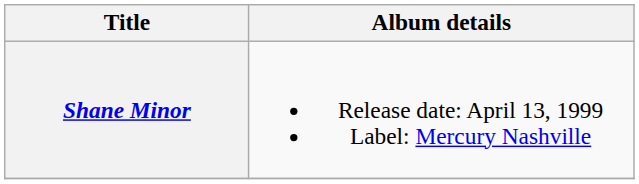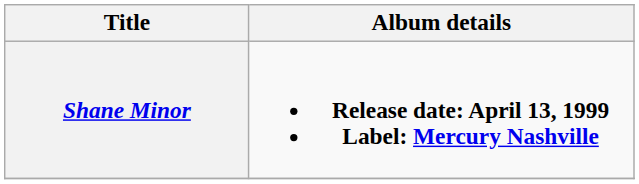 <table class="wikitable plainrowheaders" style="text-align:center;">
 <tr>
 <th style="width:10em;">Title</th>
 <th style="width:16em;">Album details</th>
 </tr>
 <tr>
 <th scope="row"><em><a href='#'>Shane Minor</a></em></th>
-<td><br><ul><li>Release date: April 13, 1999</li><li>Label: <a href='#'>Mercury Nashville</a></li></ul></td>
+<td><strong><br><ul><li>Release date: April 13, 1999</li><li>Label: <a href='#'>Mercury Nashville</a></li></ul></strong></td>
 </tr>
 <tr>
 </tr>
 </table>
